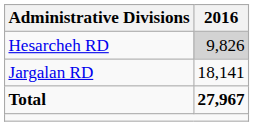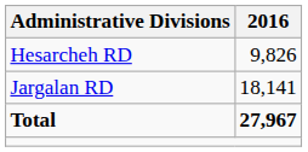 <table class="wikitable">
 <tr>
 <th>Administrative Divisions</th>
 <th>2016</th>
 </tr>
 <tr>
 <td><a href='#'>Hesarcheh RD</a></td>
-<td style="background: lightgrey; text-align: right;">9,826</td>
+<td style="text-align: right;">9,826</td>
 </tr>
 <tr>
 <td><a href='#'>Jargalan RD</a></td>
 <td style="text-align: right;">18,141</td>
 </tr>
 <tr>
 <td><strong>Total</strong></td>
 <td style="text-align: right;"><strong>27,967</strong></td>
 </tr>
 <tr>
 <td colspan=2></td>
 </tr>
 </table>
